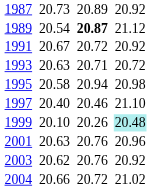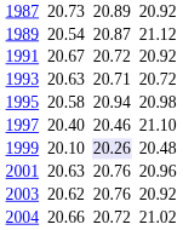 <table>
 <tr valign="top">
 <td><a href='#'>1987</a><br></td>
 <td></td>
 <td>20.73 </td>
 <td></td>
 <td>20.89</td>
 <td></td>
 <td>20.92</td>
 </tr>
 <tr valign="top">
 <td><a href='#'>1989</a><br></td>
 <td></td>
 <td>20.54 </td>
 <td></td>
-<td><strong>20.87</strong></td>
+<td>20.87</td>
 <td></td>
 <td>21.12</td>
 </tr>
 <tr valign="top">
 <td><a href='#'>1991</a><br></td>
 <td></td>
 <td>20.67</td>
 <td></td>
 <td>20.72</td>
 <td></td>
 <td>20.92</td>
 </tr>
 <tr valign="top">
 <td><a href='#'>1993</a><br></td>
 <td></td>
 <td>20.63</td>
 <td></td>
 <td>20.71 </td>
 <td></td>
 <td>20.72</td>
 </tr>
 <tr valign="top">
 <td><a href='#'>1995</a><br></td>
 <td></td>
 <td>20.58</td>
 <td></td>
 <td>20.94</td>
 <td></td>
 <td>20.98</td>
 </tr>
 <tr valign="top">
 <td><a href='#'>1997</a><br></td>
 <td></td>
 <td>20.40 </td>
 <td></td>
 <td>20.46 </td>
 <td></td>
 <td>21.10</td>
 </tr>
 <tr valign="top">
 <td><a href='#'>1999</a><br></td>
 <td></td>
 <td>20.10  </td>
 <td></td>
-<td>20.26  </td>
+<td style="background: lavender;">20.26  </td>
 <td></td>
-<td style="background: paleturquoise;">20.48</td>
+<td>20.48</td>
 </tr>
 <tr valign="top">
 <td><a href='#'>2001</a><br></td>
 <td></td>
 <td>20.63</td>
 <td></td>
 <td>20.76</td>
 <td></td>
 <td>20.96</td>
 </tr>
 <tr valign="top">
 <td><a href='#'>2003</a><br></td>
 <td></td>
 <td>20.62</td>
 <td></td>
 <td>20.76</td>
 <td></td>
 <td>20.92</td>
 </tr>
 <tr valign="top">
 <td><a href='#'>2004</a><br></td>
 <td></td>
 <td>20.66 </td>
 <td></td>
 <td>20.72</td>
 <td></td>
 <td>21.02</td>
 </tr>
 </table>
